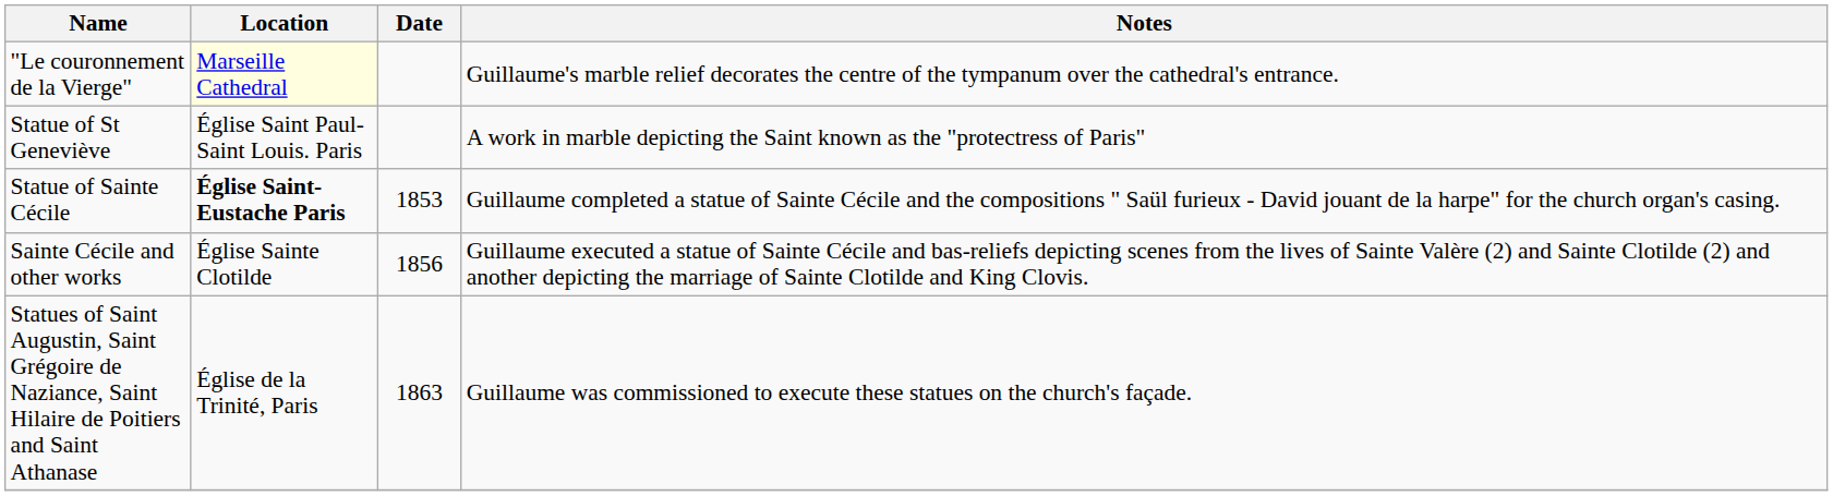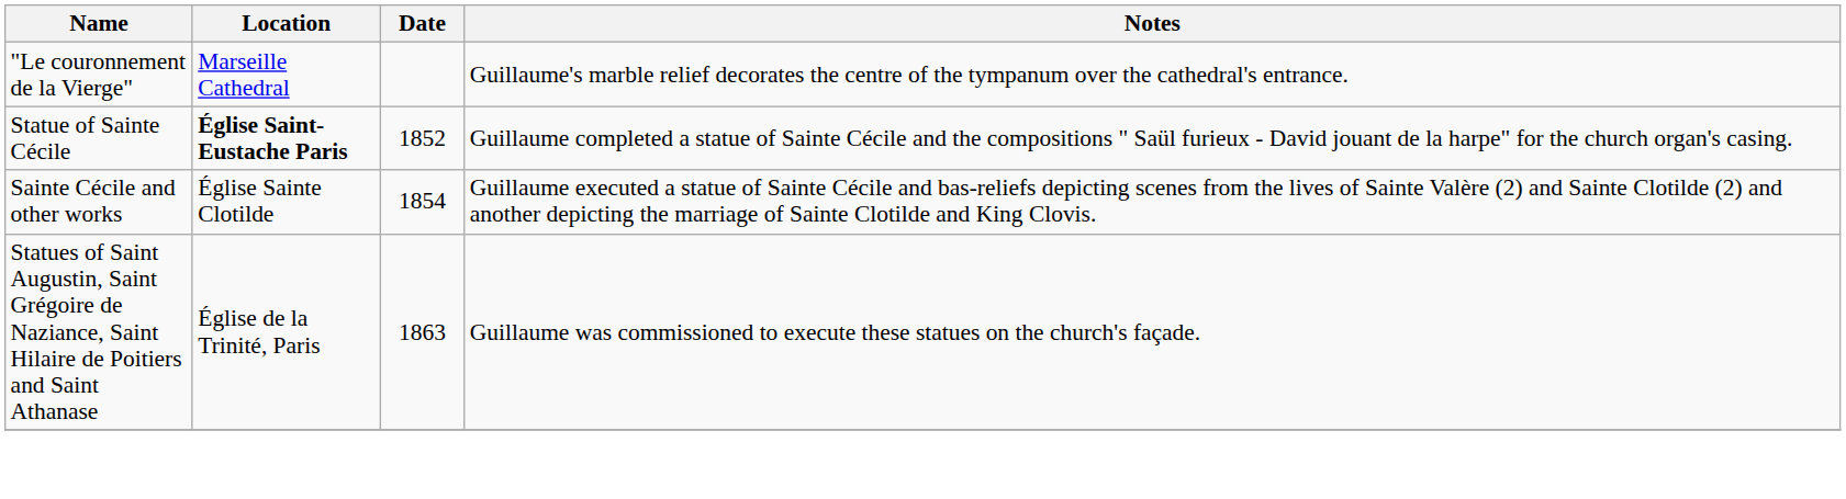 <table class="wikitable sortable plainrowheaders">
 <tr>
 <th style="width:120px">Name</th>
 <th style="width:120px">Location</th>
 <th style="width:50px">Date</th>
 <th class="unsortable">Notes</th>
 </tr>
 <tr>
 <td>"Le couronnement de la Vierge"</td>
-<td style="background: lightyellow;"><a href='#'>Marseille Cathedral</a></td>
+<td><a href='#'>Marseille Cathedral</a></td>
 <td align="center"></td>
 <td>Guillaume's marble relief decorates the centre of the tympanum over the cathedral's entrance.<br></td>
 </tr>
 <tr>
-<td>Statue of St Geneviève</td>
-<td>Église Saint Paul-Saint Louis. Paris</td>
-<td align="center"></td>
-<td>A work in marble depicting the Saint known as the  "protectress of Paris"<br></td>
-</tr>
-<tr>
 <td>Statue of Sainte Cécile</td>
 <td><strong>Église Saint-Eustache Paris</strong></td>
-<td align="center">1853</td>
+<td align="center">1852</td>
 <td>Guillaume completed a statue of  Sainte Cécile and the compositions " Saül furieux - David jouant de la harpe" for the church organ's casing.<br></td>
 </tr>
 <tr>
 <td>Sainte Cécile and other works</td>
 <td>Église Sainte Clotilde</td>
-<td align="center">1856</td>
+<td align="center">1854</td>
 <td>Guillaume executed a statue of Sainte Cécile and bas-reliefs depicting scenes from the lives of Sainte Valère (2) and Sainte Clotilde (2) and another depicting the marriage of Sainte Clotilde and King Clovis.</td>
 </tr>
 <tr>
 <td>Statues of Saint Augustin, Saint Grégoire de Naziance, Saint Hilaire de Poitiers and Saint Athanase</td>
 <td>Église de la Trinité, Paris</td>
 <td align="center">1863</td>
 <td>Guillaume was commissioned to execute these statues on the church's façade.<br> </td>
 </tr>
 <tr>
 </tr>
 </table>
